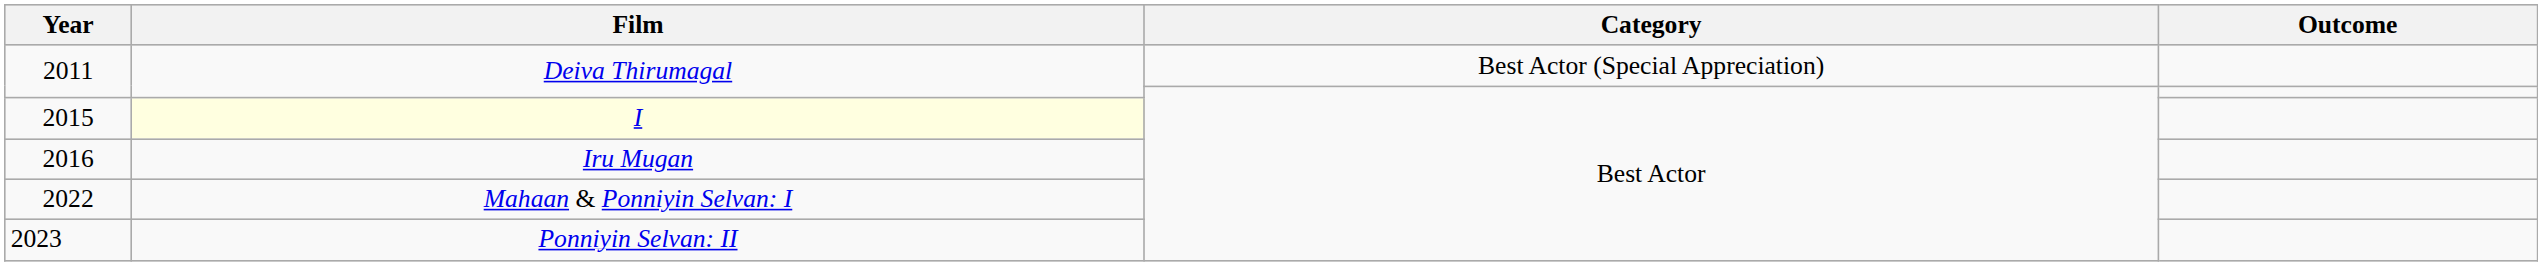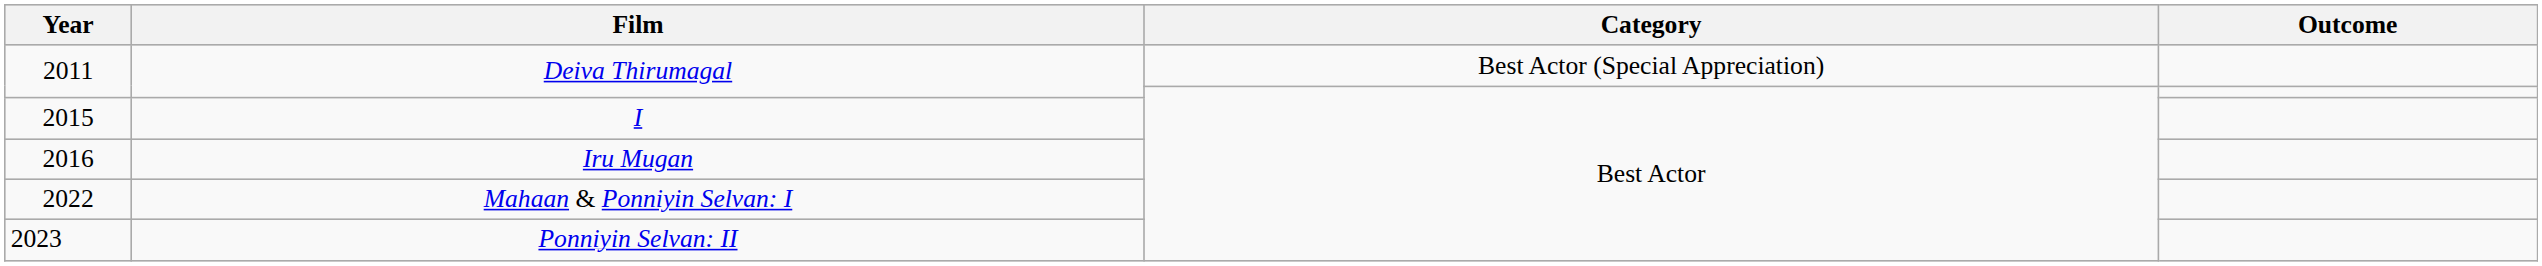 <table class="wikitable" style="width:100%;">
 <tr>
 <th width=5%>Year</th>
 <th width=40%>Film</th>
 <th style="width:40%;">Category</th>
 <th style="width:15%;">Outcome</th>
 </tr>
 <tr>
 <td rowspan="2" style="text-align:center;">2011</td>
 <td style="text-align:center;" rowspan="2"><em><a href='#'>Deiva Thirumagal</a></em></td>
 <td style="text-align:center;">Best Actor (Special Appreciation)</td>
 <td></td>
 </tr>
 <tr>
 <td rowspan="5" style="text-align:center;">Best Actor</td>
 <td></td>
 </tr>
 <tr>
 <td style="text-align:center;">2015</td>
-<td style="background: lightyellow; text-align:center;"><em><a href='#'>I</a></em></td>
+<td style="text-align:center;"><em><a href='#'>I</a></em></td>
 <td></td>
 </tr>
 <tr>
 <td style="text-align:center;">2016</td>
 <td style="text-align:center;"><em><a href='#'>Iru Mugan</a></em></td>
 <td></td>
 </tr>
 <tr>
 <td style="text-align:center;">2022</td>
 <td style="text-align:center;"><em><a href='#'>Mahaan</a></em> & <em><a href='#'>Ponniyin Selvan: I</a></em></td>
 <td></td>
 </tr>
 <tr>
 <td>2023</td>
 <td style="text-align:center;"><em><a href='#'>Ponniyin Selvan: II</a></em></td>
 <td></td>
 </tr>
 </table>
